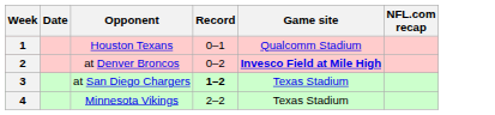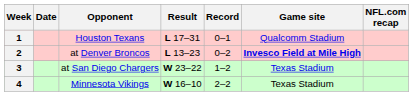 <table class="wikitable" "align=center">
 <tr>
 <th>Week</th>
 <th>Date</th>
 <th>Opponent</th>
+<th>Result</th>
 <th>Record</th>
 <th>Game site</th>
 <th>NFL.com<br>recap</th>
 </tr>
 <tr align="center" bgcolor="#fcc">
 <th>1</th>
 <td></td>
 <td><a href='#'>Houston Texans</a></td>
+<td><strong>L</strong> 17–31</td>
 <td>0–1</td>
 <td><a href='#'>Qualcomm Stadium</a></td>
 <td></td>
 </tr>
 <tr align="center" bgcolor="#fcc">
 <th>2</th>
 <td></td>
 <td>at <a href='#'>Denver Broncos</a></td>
+<td><strong>L</strong> 13–23</td>
 <td>0–2</td>
 <td><strong><a href='#'>Invesco Field at Mile High</a></strong></td>
 <td></td>
 </tr>
 <tr align="center" bgcolor="#cfc">
 <th>3</th>
 <td></td>
 <td>at <a href='#'>San Diego Chargers</a></td>
-<td><strong>1–2</strong></td>
+<td><strong>W</strong>  23–22</td>
+<td>1–2</td>
 <td><a href='#'>Texas Stadium</a></td>
 <td></td>
 </tr>
 <tr align="center" bgcolor="#cfc">
 <th>4</th>
 <td></td>
 <td><a href='#'>Minnesota Vikings</a></td>
+<td><strong>W</strong> 16–10</td>
 <td>2–2</td>
 <td>Texas Stadium</td>
 <td></td>
 </tr>
 </table>
